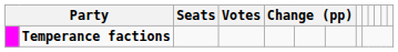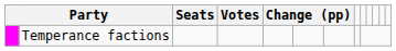 <table class="wikitable" style="text-align:right;">
 <tr>
 <th colspan="2">Party</th>
 <th>Seats</th>
 <th>Votes</th>
 <th colspan="3">Change (pp)<br></th>
 <td></td>
 <td></td>
 <td><br></td>
 <td></td>
 <td></td>
 <td></td>
 </tr>
 <tr>
 <td style="background:#FF00FF;"> </td>
-<td style="text-align:left;"><strong>Temperance factions</strong></td>
+<td style="text-align:left;">Temperance factions</td>
 <td></td>
 <td></td>
 <td><br></td>
 <td></td>
 <td></td>
 <td></td>
 </tr>
 </table>
